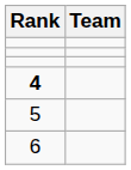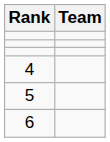 <table class="wikitable" border="1">
 <tr>
 <th>Rank</th>
 <th>Team</th>
 </tr>
 <tr>
 <td align=center></td>
 <td></td>
 </tr>
 <tr>
 <td align=center></td>
 <td></td>
 </tr>
 <tr>
 <td align=center></td>
 <td></td>
 </tr>
 <tr>
-<td align=center><strong>4</strong></td>
+<td align=center>4</td>
 <td></td>
 </tr>
 <tr>
 <td align=center>5</td>
 <td></td>
 </tr>
 <tr>
 <td align=center>6</td>
 <td></td>
 </tr>
 </table>
